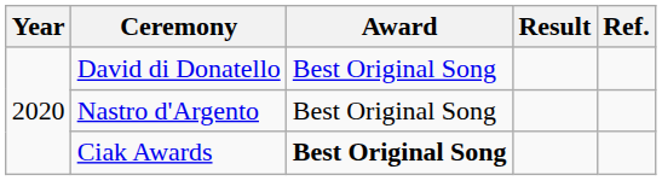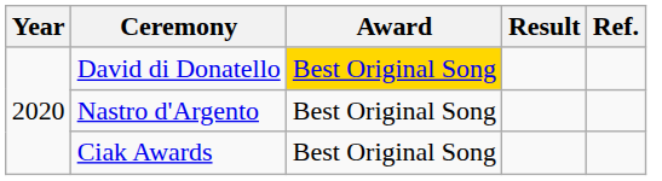 <table class="wikitable plainrowheaders">
 <tr>
 <th scope="col">Year</th>
 <th scope="col">Ceremony</th>
 <th scope="col">Award</th>
 <th scope="col">Result</th>
 <th scope="col">Ref.</th>
 </tr>
 <tr>
 <td rowspan=3>2020</td>
 <td><a href='#'>David di Donatello</a></td>
-<td><a href='#'>Best Original Song</a></td>
+<td style="background: gold;"><a href='#'>Best Original Song</a></td>
 <td></td>
 <td></td>
 </tr>
 <tr>
 <td><a href='#'>Nastro d'Argento</a></td>
 <td>Best Original Song</td>
 <td></td>
 <td></td>
 </tr>
 <tr>
 <td><a href='#'>Ciak Awards</a></td>
-<td><strong>Best Original Song</strong></td>
+<td>Best Original Song</td>
 <td></td>
 <td></td>
 </tr>
 </table>
